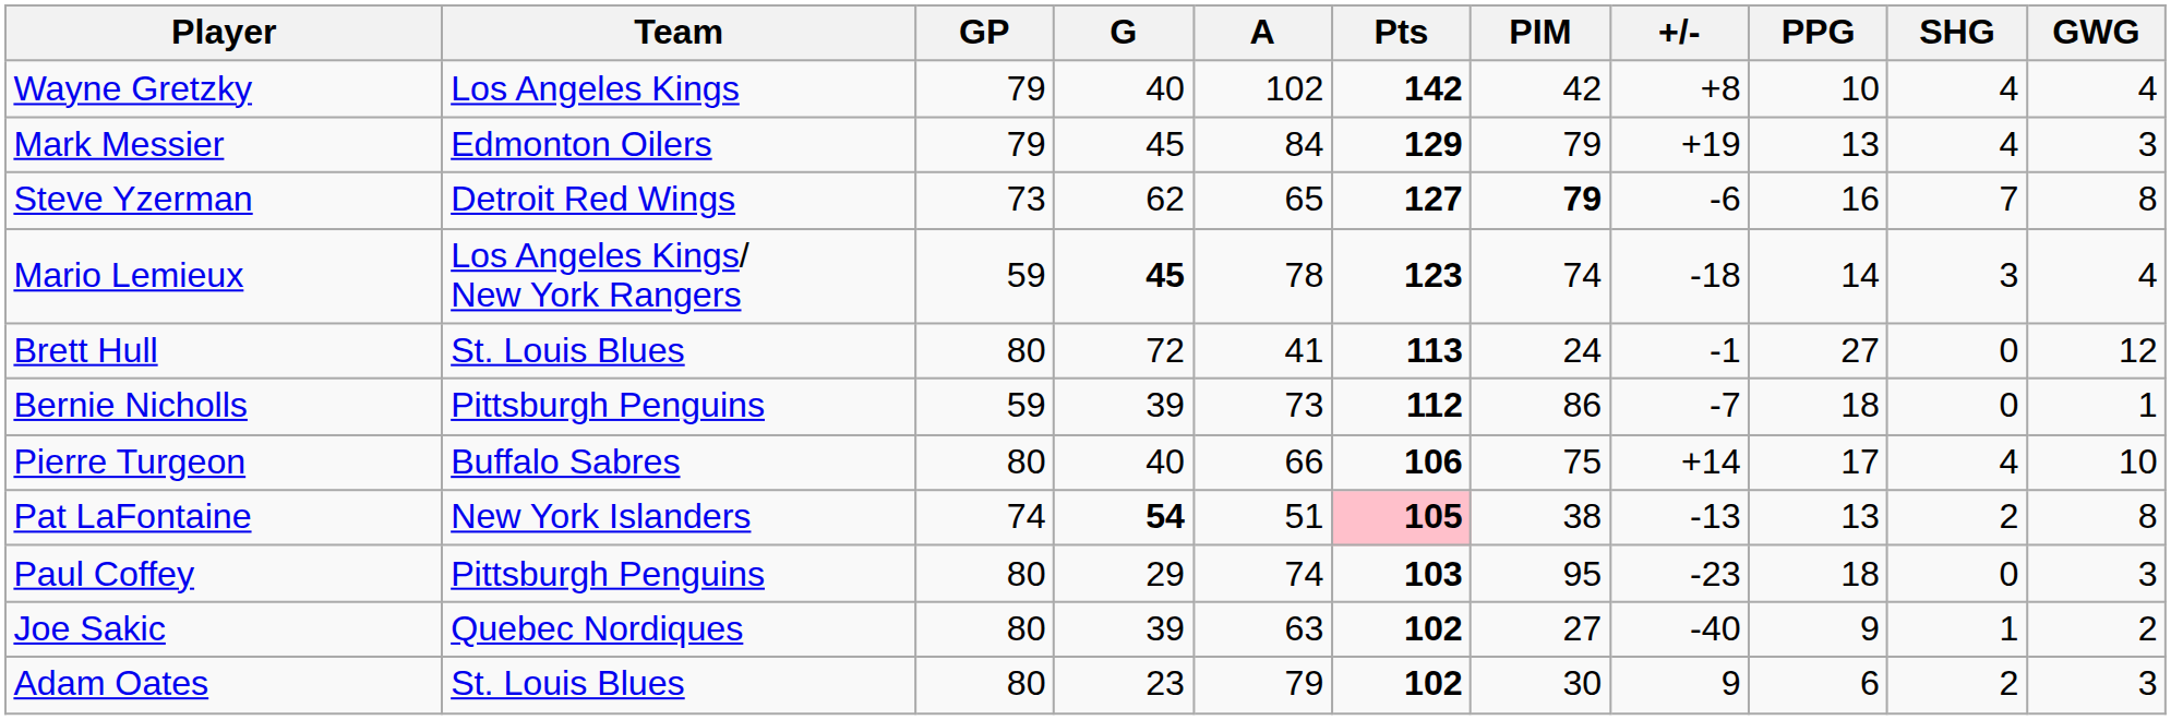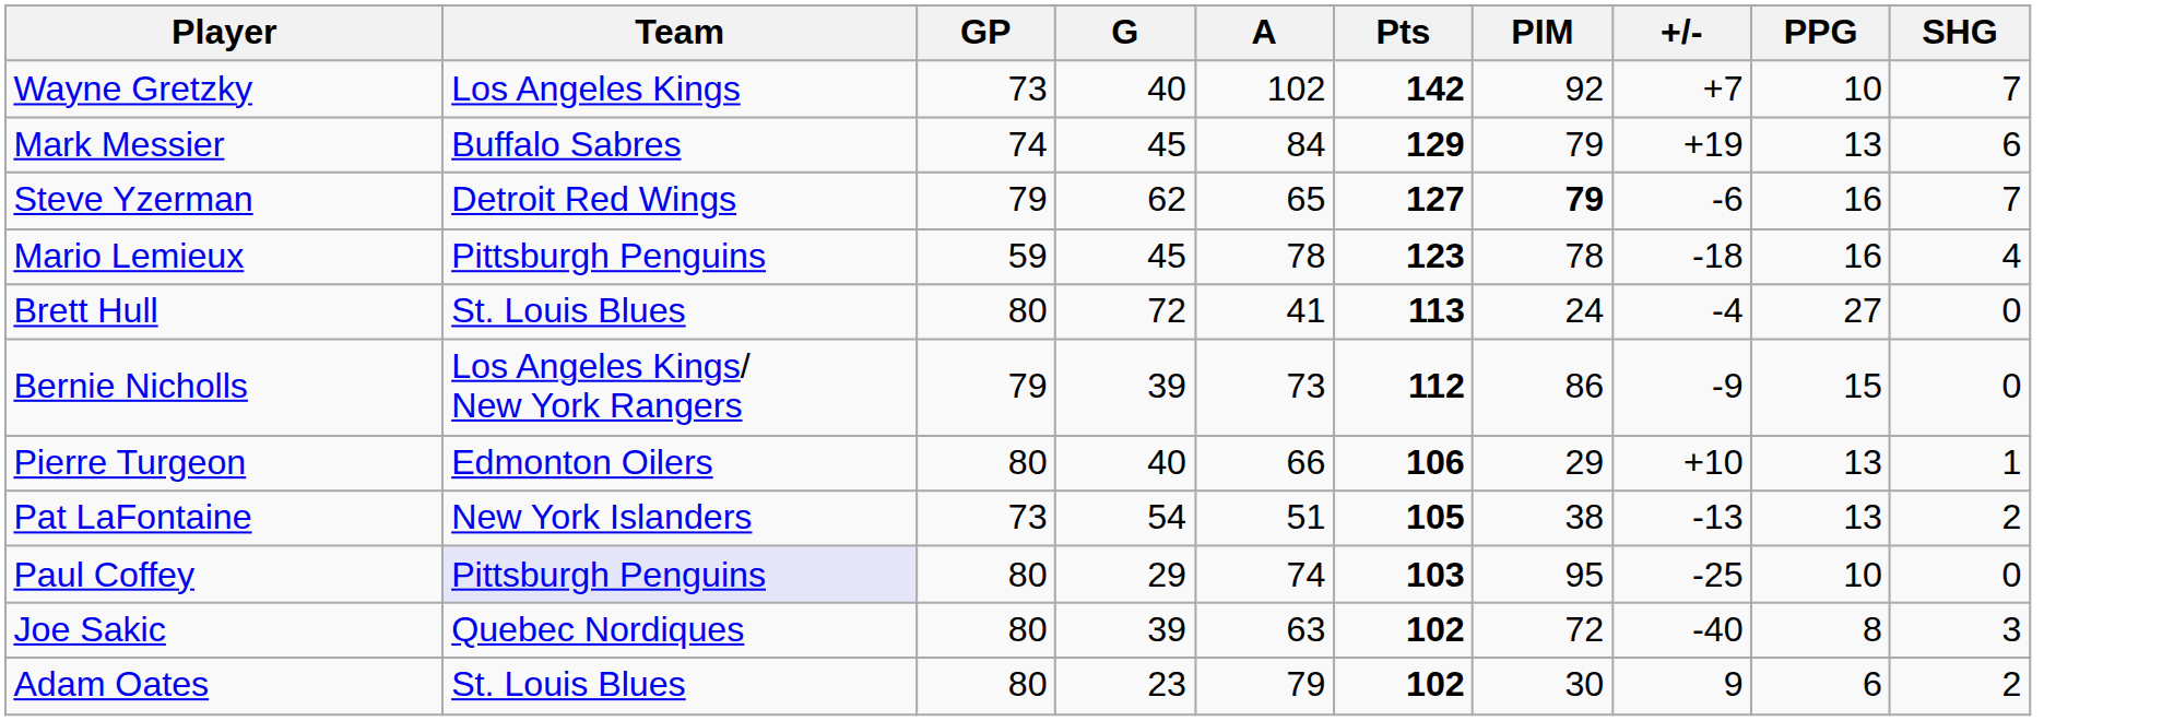 <table class="wikitable">
 <tr>
 <th style="align:left; width: 12em;">Player</th>
 <th style="align:left; width: 13em;">Team</th>
 <th style="width: 3.5em;">GP</th>
 <th style="width: 3.5em;">G</th>
 <th style="width: 3.5em;">A</th>
 <th style="width: 3.5em;">Pts</th>
 <th style="width: 3.5em;">PIM</th>
 <th style="width: 3.5em;">+/-</th>
 <th style="width: 3.5em;">PPG</th>
 <th style="width: 3.5em;">SHG</th>
-<th style="width: 3.5em;">GWG</th>
 </tr>
 <tr align="right">
 <td align="left"><a href='#'>Wayne Gretzky</a></td>
 <td align="left"><a href='#'>Los Angeles Kings</a></td>
-<td>79</td>
+<td>73</td>
 <td>40</td>
 <td>102</td>
 <td><strong>142</strong></td>
-<td>42</td>
-<td>+8</td>
+<td>92</td>
+<td>+7</td>
 <td>10</td>
-<td>4</td>
-<td>4</td>
+<td>7</td>
 </tr>
 <tr align="right">
 <td align="left"><a href='#'>Mark Messier</a></td>
-<td align="left"><a href='#'>Edmonton Oilers</a></td>
-<td>79</td>
+<td align="left"><a href='#'>Buffalo Sabres</a></td>
+<td>74</td>
 <td>45</td>
 <td>84</td>
 <td><strong>129</strong></td>
 <td>79</td>
 <td>+19</td>
 <td>13</td>
-<td>4</td>
-<td>3</td>
+<td>6</td>
 </tr>
 <tr align="right">
 <td align="left"><a href='#'>Steve Yzerman</a></td>
 <td align="left"><a href='#'>Detroit Red Wings</a></td>
-<td>73</td>
+<td>79</td>
 <td>62</td>
 <td>65</td>
 <td><strong>127</strong></td>
 <td><strong>79</strong></td>
 <td>-6</td>
 <td>16</td>
 <td>7</td>
-<td>8</td>
 </tr>
 <tr align="right">
 <td align="left"><a href='#'>Mario Lemieux</a></td>
-<td align="left"><a href='#'>Los Angeles Kings</a>/<br><a href='#'>New York Rangers</a></td>
+<td align="left"><a href='#'>Pittsburgh Penguins</a></td>
 <td>59</td>
-<td><strong>45</strong></td>
+<td>45</td>
 <td>78</td>
 <td><strong>123</strong></td>
-<td>74</td>
+<td>78</td>
 <td>-18</td>
-<td>14</td>
-<td>3</td>
+<td>16</td>
 <td>4</td>
 </tr>
 <tr align="right">
 <td align="left"><a href='#'>Brett Hull</a></td>
 <td align="left"><a href='#'>St. Louis Blues</a></td>
 <td>80</td>
 <td>72</td>
 <td>41</td>
 <td><strong>113</strong></td>
 <td>24</td>
-<td>-1</td>
+<td>-4</td>
 <td>27</td>
 <td>0</td>
-<td>12</td>
 </tr>
 <tr align="right">
 <td align="left"><a href='#'>Bernie Nicholls</a></td>
-<td align="left"><a href='#'>Pittsburgh Penguins</a></td>
-<td>59</td>
+<td align="left"><a href='#'>Los Angeles Kings</a>/<br><a href='#'>New York Rangers</a></td>
+<td>79</td>
 <td>39</td>
 <td>73</td>
 <td><strong>112</strong></td>
 <td>86</td>
-<td>-7</td>
-<td>18</td>
+<td>-9</td>
+<td>15</td>
 <td>0</td>
-<td>1</td>
 </tr>
 <tr align="right">
 <td align="left"><a href='#'>Pierre Turgeon</a></td>
-<td align="left"><a href='#'>Buffalo Sabres</a></td>
+<td align="left"><a href='#'>Edmonton Oilers</a></td>
 <td>80</td>
 <td>40</td>
 <td>66</td>
 <td><strong>106</strong></td>
-<td>75</td>
-<td>+14</td>
-<td>17</td>
-<td>4</td>
-<td>10</td>
+<td>29</td>
+<td>+10</td>
+<td>13</td>
+<td>1</td>
 </tr>
 <tr align="right">
 <td align="left"><a href='#'>Pat LaFontaine</a></td>
 <td align="left"><a href='#'>New York Islanders</a></td>
-<td>74</td>
-<td><strong>54</strong></td>
+<td>73</td>
+<td>54</td>
 <td>51</td>
-<td style="background: pink;"><strong>105</strong></td>
+<td><strong>105</strong></td>
 <td>38</td>
 <td>-13</td>
 <td>13</td>
 <td>2</td>
-<td>8</td>
 </tr>
 <tr align="right">
 <td align="left"><a href='#'>Paul Coffey</a></td>
-<td align="left"><a href='#'>Pittsburgh Penguins</a></td>
+<td align="left" style="background: lavender;"><a href='#'>Pittsburgh Penguins</a></td>
 <td>80</td>
 <td>29</td>
 <td>74</td>
 <td><strong>103</strong></td>
 <td>95</td>
-<td>-23</td>
-<td>18</td>
+<td>-25</td>
+<td>10</td>
 <td>0</td>
-<td>3</td>
 </tr>
 <tr align="right">
 <td align="left"><a href='#'>Joe Sakic</a></td>
 <td align="left"><a href='#'>Quebec Nordiques</a></td>
 <td>80</td>
 <td>39</td>
 <td>63</td>
 <td><strong>102</strong></td>
-<td>27</td>
+<td>72</td>
 <td>-40</td>
-<td>9</td>
-<td>1</td>
-<td>2</td>
+<td>8</td>
+<td>3</td>
 </tr>
 <tr align="right">
 <td align="left"><a href='#'>Adam Oates</a></td>
 <td align="left"><a href='#'>St. Louis Blues</a></td>
 <td>80</td>
 <td>23</td>
 <td>79</td>
 <td><strong>102</strong></td>
 <td>30</td>
 <td>9</td>
 <td>6</td>
 <td>2</td>
-<td>3</td>
 </tr>
 </table>
